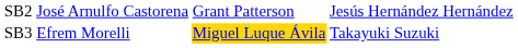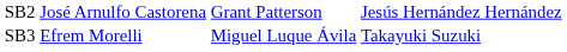 <table>
 <tr>
 <td>SB2</td>
 <td><a href='#'>José Arnulfo Castorena</a><br></td>
 <td><a href='#'>Grant Patterson</a><br></td>
 <td><a href='#'>Jesús Hernández Hernández</a><br></td>
 </tr>
 <tr>
 <td>SB3</td>
 <td><a href='#'>Efrem Morelli</a><br></td>
-<td style="background: gold;"><a href='#'>Miguel Luque Ávila</a><br></td>
+<td><a href='#'>Miguel Luque Ávila</a><br></td>
 <td><a href='#'>Takayuki Suzuki</a><br></td>
 </tr>
 </table>
